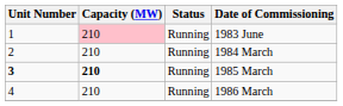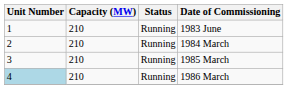 <table class="sortable wikitable">
 <tr>
 <th>Unit Number</th>
 <th>Capacity (<a href='#'>MW</a>)</th>
 <th>Status</th>
 <th>Date of Commissioning</th>
 </tr>
 <tr>
 <td>1</td>
-<td style="background: pink;">210</td>
+<td>210</td>
 <td>Running</td>
 <td>1983 June </td>
 </tr>
 <tr>
 <td>2</td>
 <td>210</td>
 <td>Running</td>
 <td>1984 March</td>
 </tr>
 <tr>
-<td><strong>3</strong></td>
-<td><strong>210</strong></td>
+<td>3</td>
+<td>210</td>
 <td>Running</td>
 <td>1985 March</td>
 </tr>
 <tr>
-<td>4</td>
+<td style="background: lightblue;">4</td>
 <td>210</td>
 <td>Running</td>
 <td>1986 March</td>
 </tr>
 <tr>
 </tr>
 </table>
